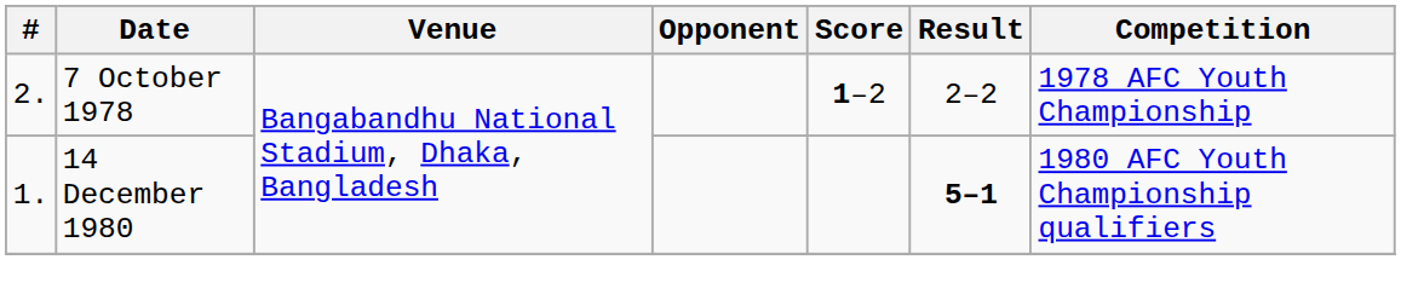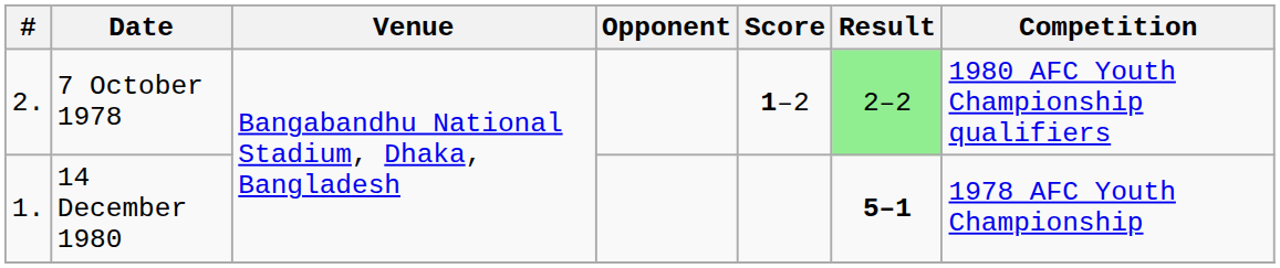 <table class="wikitable">
 <tr>
 <th>#</th>
 <th>Date</th>
 <th>Venue</th>
 <th>Opponent</th>
 <th>Score</th>
 <th>Result</th>
 <th>Competition</th>
 </tr>
 <tr>
 <td>2.</td>
 <td>7 October 1978</td>
 <td rowspan=2><a href='#'>Bangabandhu National Stadium</a>, <a href='#'>Dhaka</a>, <a href='#'>Bangladesh</a></td>
 <td></td>
 <td align=center><strong>1</strong>–2</td>
-<td align=center>2–2</td>
-<td><a href='#'>1978 AFC Youth Championship</a></td>
+<td align=center style="background: lightgreen;">2–2</td>
+<td><a href='#'>1980 AFC Youth Championship qualifiers</a></td>
 </tr>
 <tr>
 <td>1.</td>
 <td>14 December 1980</td>
 <td></td>
 <td align=center></td>
 <td align=center><strong>5–1</strong></td>
-<td><a href='#'>1980 AFC Youth Championship qualifiers</a></td>
+<td><a href='#'>1978 AFC Youth Championship</a></td>
 </tr>
 <tr>
 </tr>
 </table>
